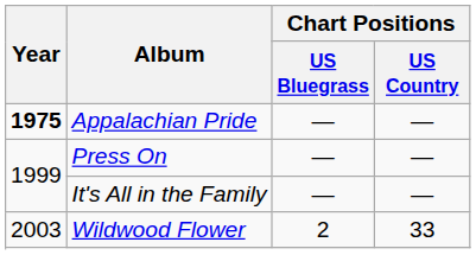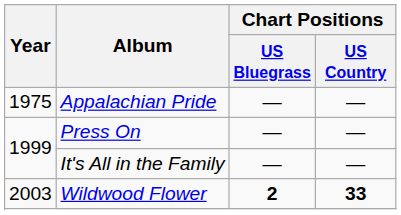 <table class="wikitable">
 <tr>
 <th rowspan="2">Year</th>
 <th rowspan="2">Album</th>
 <th colspan="2">Chart Positions</th>
 </tr>
 <tr>
 <th style="width:60px;"><small><a href='#'>US Bluegrass</a></small></th>
 <th style="width:60px;"><small><a href='#'>US Country</a></small></th>
 </tr>
 <tr>
-<td><strong>1975</strong></td>
+<td>1975</td>
 <td><em><a href='#'>Appalachian Pride</a></em></td>
 <td style="text-align:center;">—</td>
 <td style="text-align:center;">—</td>
 </tr>
 <tr>
 <td rowspan="2">1999</td>
 <td><em><a href='#'>Press On</a></em></td>
 <td style="text-align:center;">—</td>
 <td style="text-align:center;">—</td>
 </tr>
 <tr>
 <td><em>It's All in the Family</em></td>
 <td style="text-align:center;">—</td>
 <td style="text-align:center;">—</td>
 </tr>
 <tr>
 <td rowspan="2">2003</td>
 <td><em><a href='#'>Wildwood Flower</a></em></td>
-<td style="text-align:center;">2</td>
-<td style="text-align:center;">33</td>
+<td style="text-align:center;"><strong>2</strong></td>
+<td style="text-align:center;"><strong>33</strong></td>
 </tr>
 <tr>
 </tr>
 </table>
